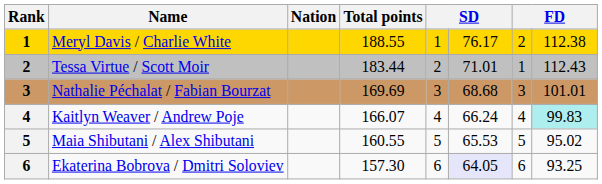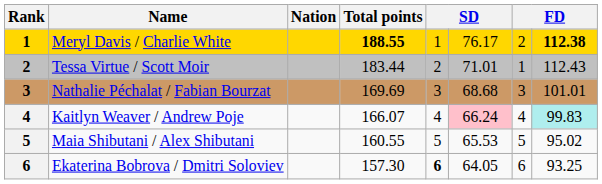 <table class="wikitable sortable">
 <tr>
 <th>Rank</th>
 <th>Name</th>
 <th>Nation</th>
 <th>Total points</th>
 <th colspan="2" width="80px"><a href='#'>SD</a></th>
 <th colspan="2" width="80px"><a href='#'>FD</a></th>
 </tr>
 <tr bgcolor="gold">
 <td align="center"><strong>1</strong></td>
 <td><a href='#'>Meryl Davis</a> / <a href='#'>Charlie White</a></td>
 <td></td>
-<td align="center">188.55</td>
+<td align="center"><strong>188.55</strong></td>
 <td align="center">1</td>
 <td align="center">76.17</td>
 <td align="center">2</td>
-<td align="center">112.38</td>
+<td align="center"><strong>112.38</strong></td>
 </tr>
 <tr bgcolor="silver">
 <td align="center"><strong>2</strong></td>
 <td><a href='#'>Tessa Virtue</a> / <a href='#'>Scott Moir</a></td>
 <td></td>
 <td align="center">183.44</td>
 <td align="center">2</td>
 <td align="center">71.01</td>
 <td align="center">1</td>
 <td align="center">112.43</td>
 </tr>
 <tr bgcolor="cc9966">
 <td align="center"><strong>3</strong></td>
 <td><a href='#'>Nathalie Péchalat</a> / <a href='#'>Fabian Bourzat</a></td>
 <td></td>
 <td align="center">169.69</td>
 <td align="center">3</td>
 <td align="center">68.68</td>
 <td align="center">3</td>
 <td align="center">101.01</td>
 </tr>
 <tr>
 <th>4</th>
 <td><a href='#'>Kaitlyn Weaver</a> / <a href='#'>Andrew Poje</a></td>
 <td></td>
 <td align="center">166.07</td>
 <td align="center">4</td>
-<td align="center">66.24</td>
+<td align="center" style="background: pink;">66.24</td>
 <td align="center">4</td>
 <td align="center" style="background: paleturquoise;">99.83</td>
 </tr>
 <tr>
 <th>5</th>
 <td><a href='#'>Maia Shibutani</a> / <a href='#'>Alex Shibutani</a></td>
 <td></td>
 <td align="center">160.55</td>
 <td align="center">5</td>
 <td align="center">65.53</td>
 <td align="center">5</td>
 <td align="center">95.02</td>
 </tr>
 <tr>
 <th>6</th>
 <td><a href='#'>Ekaterina Bobrova</a> / <a href='#'>Dmitri Soloviev</a></td>
 <td></td>
 <td align="center">157.30</td>
-<td align="center">6</td>
-<td align="center" style="background: lavender;">64.05</td>
+<td align="center"><strong>6</strong></td>
+<td align="center">64.05</td>
 <td align="center">6</td>
 <td align="center">93.25</td>
 </tr>
 </table>
